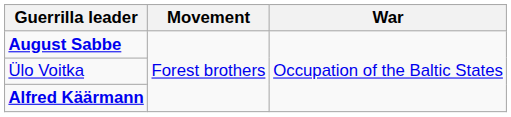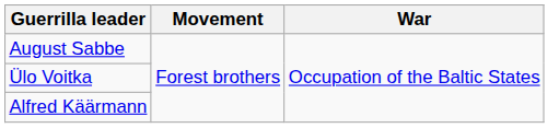 <table class="wikitable">
 <tr>
 <th>Guerrilla leader</th>
 <th>Movement</th>
 <th>War</th>
 </tr>
 <tr>
-<td><strong><a href='#'>August Sabbe</a></strong></td>
+<td><a href='#'>August Sabbe</a></td>
 <td rowspan="4"><a href='#'>Forest brothers</a></td>
 <td rowspan="4"><a href='#'>Occupation of the Baltic States</a></td>
 </tr>
 <tr>
 <td><a href='#'>Ülo Voitka</a></td>
 </tr>
 <tr>
-<td><strong><a href='#'>Alfred Käärmann</a></strong></td>
+<td><a href='#'>Alfred Käärmann</a></td>
 </tr>
 </table>
